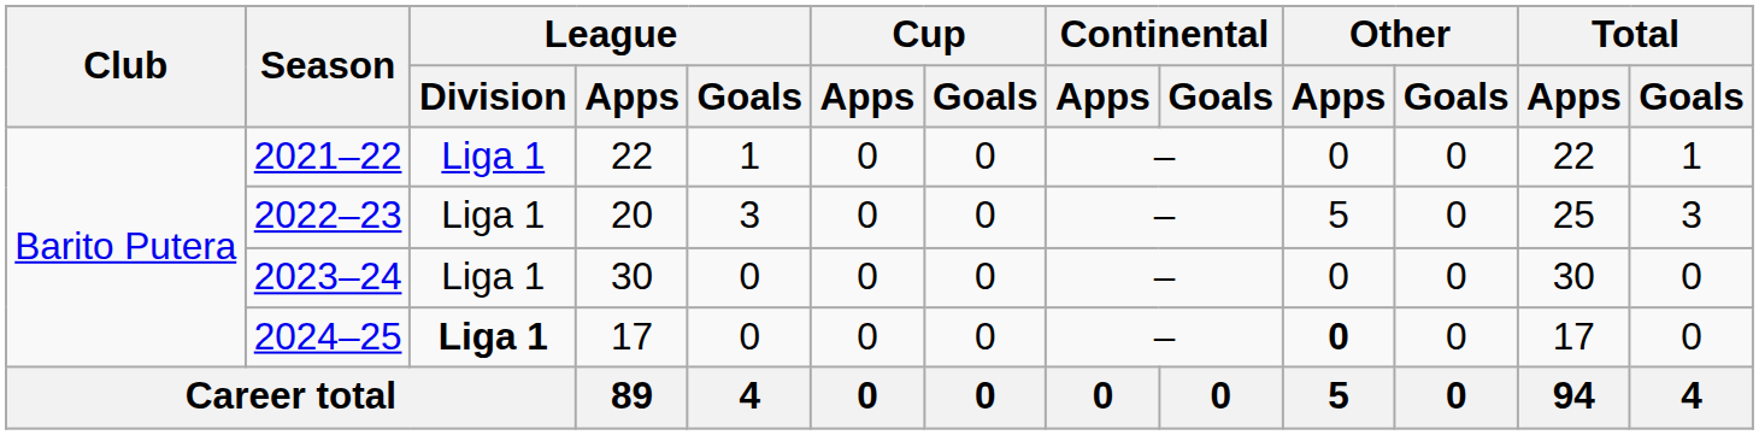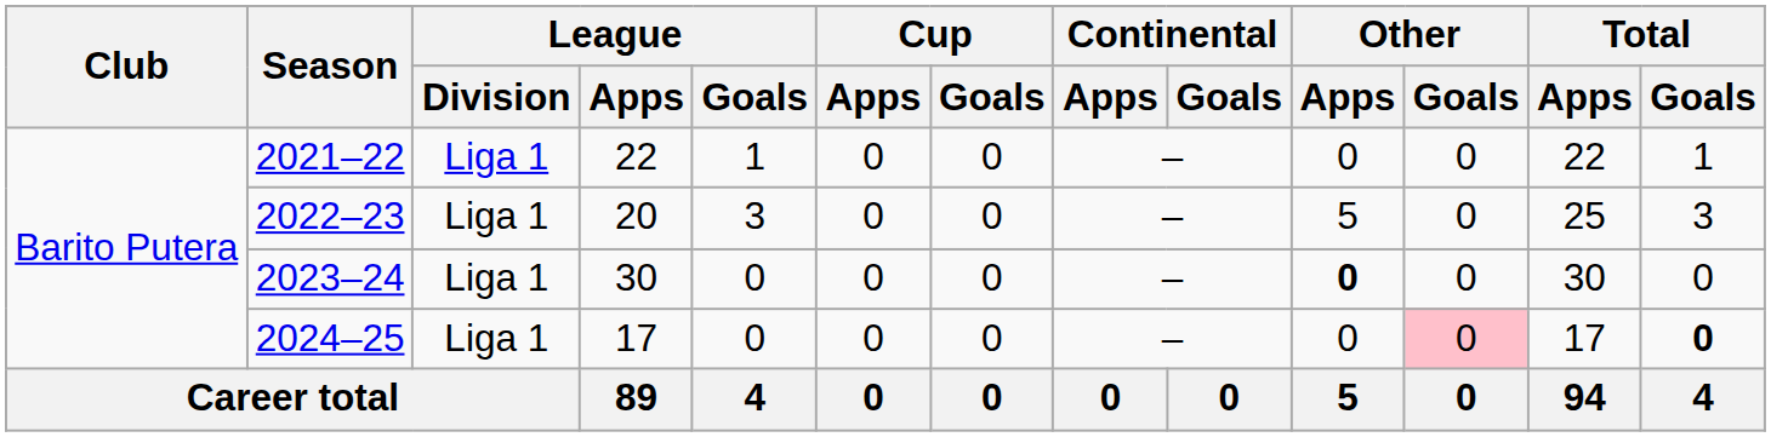 <table class="wikitable" style="text-align: center">
 <tr>
 <th rowspan="2">Club</th>
 <th rowspan="2">Season</th>
 <th colspan="3">League</th>
 <th colspan="2">Cup</th>
 <th colspan="2">Continental</th>
 <th colspan="2">Other</th>
 <th colspan="2">Total</th>
 </tr>
 <tr>
 <th>Division</th>
 <th>Apps</th>
 <th>Goals</th>
 <th>Apps</th>
 <th>Goals</th>
 <th>Apps</th>
 <th>Goals</th>
 <th>Apps</th>
 <th>Goals</th>
 <th>Apps</th>
 <th>Goals</th>
 </tr>
 <tr>
 <td rowspan="4"><a href='#'>Barito Putera</a></td>
 <td><a href='#'>2021–22</a></td>
 <td rowspan="1" valign="center"><a href='#'>Liga 1</a></td>
 <td>22</td>
 <td>1</td>
 <td>0</td>
 <td>0</td>
 <td colspan="2">–</td>
 <td>0</td>
 <td>0</td>
 <td>22</td>
 <td>1</td>
 </tr>
 <tr>
 <td><a href='#'>2022–23</a></td>
 <td rowspan="1" valign="center">Liga 1</td>
 <td>20</td>
 <td>3</td>
 <td>0</td>
 <td>0</td>
 <td colspan=2>–</td>
 <td>5</td>
 <td>0</td>
 <td>25</td>
 <td>3</td>
 </tr>
 <tr>
 <td><a href='#'>2023–24</a></td>
 <td>Liga 1</td>
 <td>30</td>
 <td>0</td>
 <td>0</td>
 <td>0</td>
 <td colspan="2">–</td>
-<td>0</td>
+<td><strong>0</strong></td>
 <td>0</td>
 <td>30</td>
 <td>0</td>
 </tr>
 <tr>
 <td><a href='#'>2024–25</a></td>
-<td><strong>Liga 1</strong></td>
+<td>Liga 1</td>
 <td>17</td>
 <td>0</td>
 <td>0</td>
 <td>0</td>
 <td colspan="2">–</td>
+<td>0</td>
+<td style="background: pink;">0</td>
+<td>17</td>
 <td><strong>0</strong></td>
-<td>0</td>
-<td>17</td>
-<td>0</td>
 </tr>
 <tr>
 <th colspan=3>Career total</th>
 <th>89</th>
 <th>4</th>
 <th>0</th>
 <th>0</th>
 <th>0</th>
 <th>0</th>
 <th>5</th>
 <th>0</th>
 <th>94</th>
 <th>4</th>
 </tr>
 </table>
